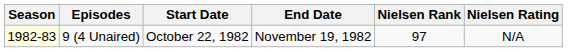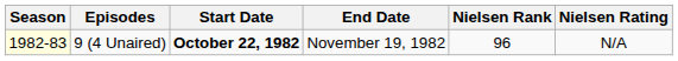 <table class="wikitable" style="text-align: center">
 <tr>
 <th>Season</th>
 <th>Episodes</th>
 <th>Start Date</th>
 <th>End Date</th>
 <th>Nielsen Rank</th>
 <th>Nielsen Rating</th>
 </tr>
 <tr>
 <td style="background: lightyellow; text-align:center">1982-83</td>
 <td style="text-align:center">9 (4 Unaired)</td>
-<td style="text-align:center">October 22, 1982</td>
+<td style="text-align:center"><strong>October 22, 1982</strong></td>
 <td style="text-align:center">November 19, 1982</td>
-<td style="text-align:center:">97</td>
+<td style="text-align:center:">96</td>
 <td style="text-align:center">N/A</td>
 </tr>
 </table>
